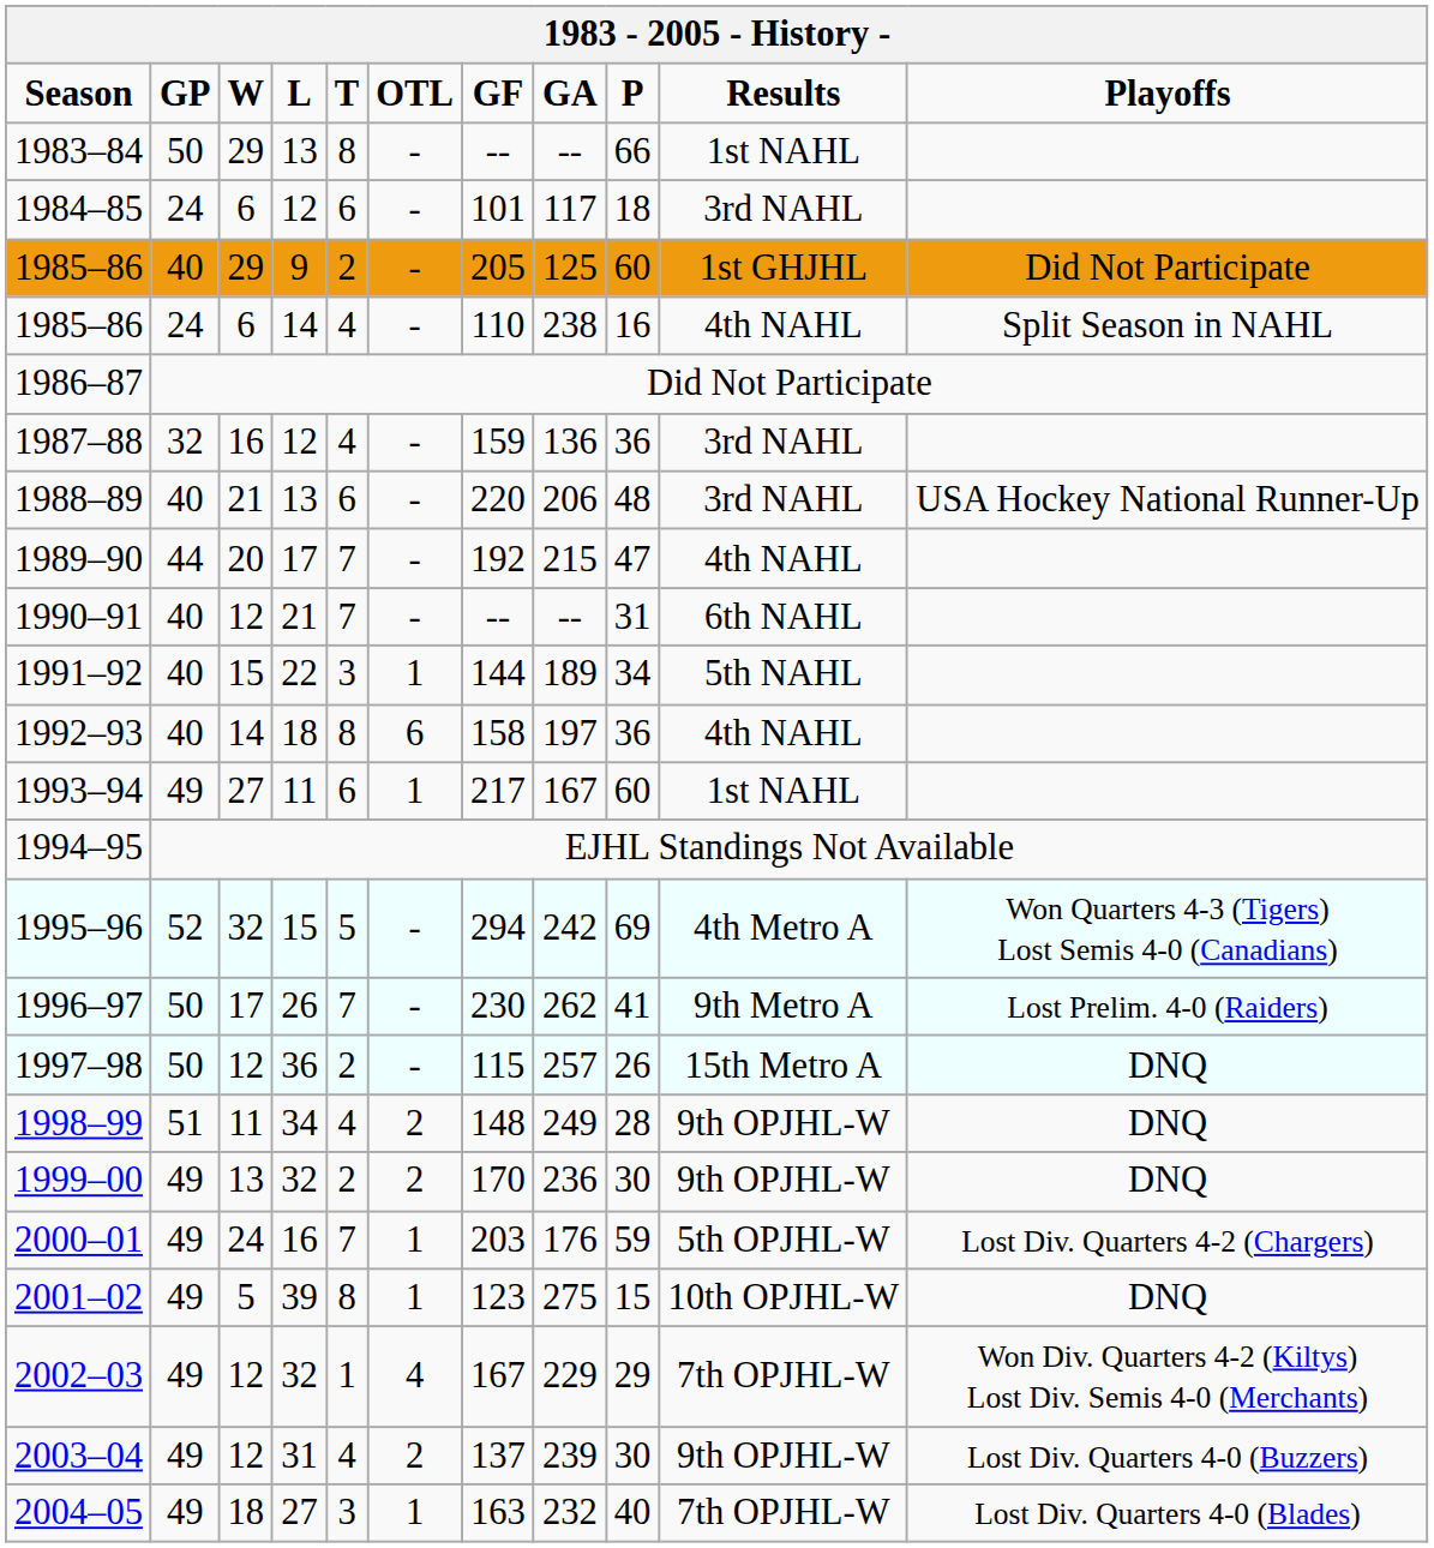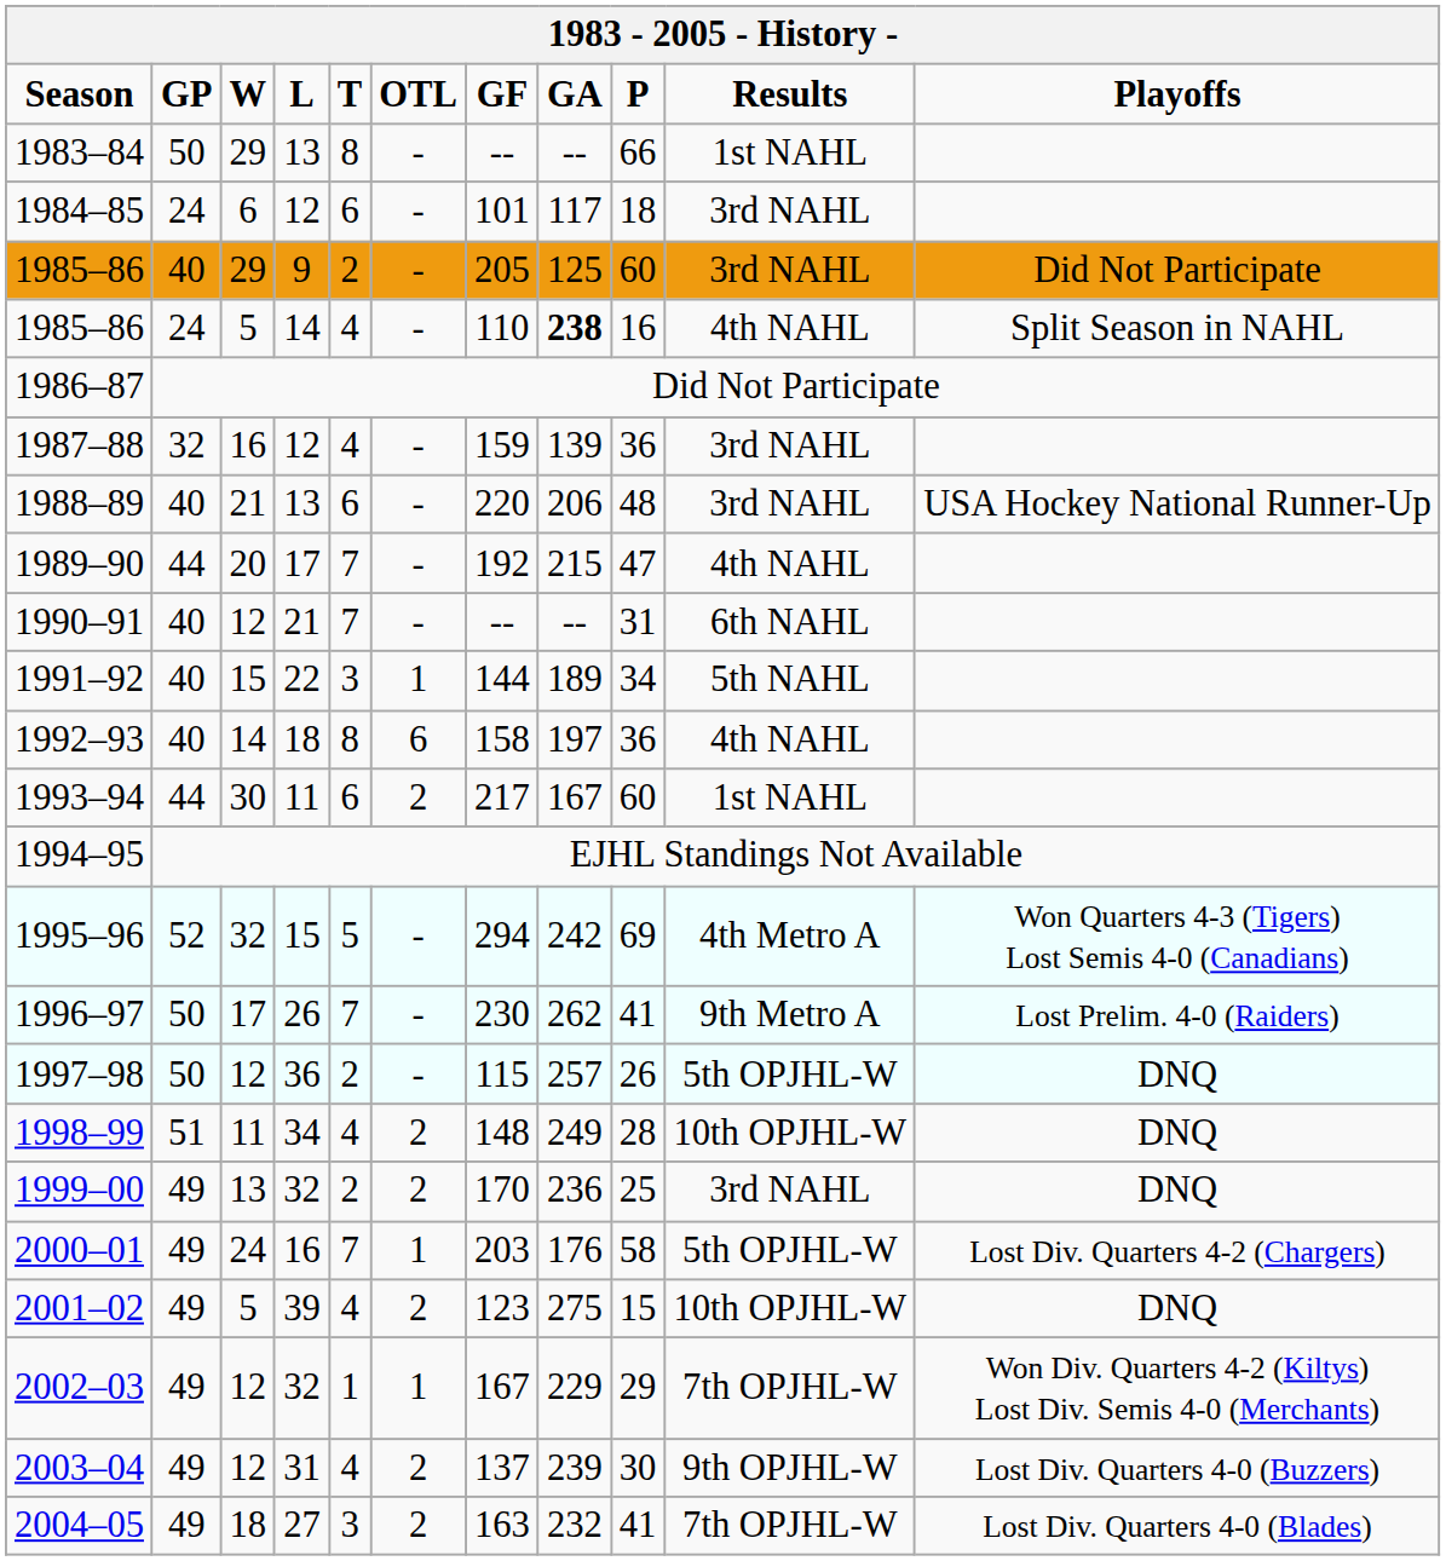 <table class="wikitable collapsible collapsed" style="text-align:center;">
 <tr>
 <th colspan=12 bgcolor="#00529b" text_color=white><strong>1983 - 2005 - History -</strong></th>
 </tr>
 <tr align="center">
 <td><strong>Season</strong></td>
 <td><strong>GP</strong></td>
 <td><strong>W</strong></td>
 <td><strong>L</strong></td>
 <td><strong>T</strong></td>
 <td><strong>OTL</strong></td>
 <td><strong>GF</strong></td>
 <td><strong>GA</strong></td>
 <td><strong>P</strong></td>
 <td><strong>Results</strong></td>
 <td><strong>Playoffs</strong></td>
 </tr>
 <tr align="center">
 <td>1983–84</td>
 <td>50</td>
 <td>29</td>
 <td>13</td>
 <td>8</td>
 <td>-</td>
 <td>--</td>
 <td>--</td>
 <td>66</td>
 <td>1st NAHL</td>
 <td></td>
 </tr>
 <tr align="center">
 <td>1984–85</td>
 <td>24</td>
 <td>6</td>
 <td>12</td>
 <td>6</td>
 <td>-</td>
 <td>101</td>
 <td>117</td>
 <td>18</td>
 <td>3rd NAHL</td>
 <td></td>
 </tr>
 <tr align="center" bgcolor="#EF9B0F">
 <td>1985–86</td>
 <td>40</td>
 <td>29</td>
 <td>9</td>
 <td>2</td>
 <td>-</td>
 <td>205</td>
 <td>125</td>
 <td>60</td>
-<td>1st GHJHL</td>
+<td>3rd NAHL</td>
 <td>Did Not Participate</td>
 </tr>
 <tr align="center">
 <td>1985–86</td>
 <td>24</td>
-<td>6</td>
+<td>5</td>
 <td>14</td>
 <td>4</td>
 <td>-</td>
 <td>110</td>
-<td>238</td>
+<td><strong>238</strong></td>
 <td>16</td>
 <td>4th NAHL</td>
 <td>Split Season in NAHL</td>
 </tr>
 <tr align="center">
 <td>1986–87</td>
 <td colspan="11">Did Not Participate</td>
 </tr>
 <tr align="center">
 <td>1987–88</td>
 <td>32</td>
 <td>16</td>
 <td>12</td>
 <td>4</td>
 <td>-</td>
 <td>159</td>
-<td>136</td>
+<td>139</td>
 <td>36</td>
 <td>3rd NAHL</td>
 <td></td>
 </tr>
 <tr align="center">
 <td>1988–89</td>
 <td>40</td>
 <td>21</td>
 <td>13</td>
 <td>6</td>
 <td>-</td>
 <td>220</td>
 <td>206</td>
 <td>48</td>
 <td>3rd NAHL</td>
 <td>USA Hockey National Runner-Up</td>
 </tr>
 <tr align="center">
 <td>1989–90</td>
 <td>44</td>
 <td>20</td>
 <td>17</td>
 <td>7</td>
 <td>-</td>
 <td>192</td>
 <td>215</td>
 <td>47</td>
 <td>4th NAHL</td>
 <td></td>
 </tr>
 <tr align="center">
 <td>1990–91</td>
 <td>40</td>
 <td>12</td>
 <td>21</td>
 <td>7</td>
 <td>-</td>
 <td>--</td>
 <td>--</td>
 <td>31</td>
 <td>6th NAHL</td>
 <td></td>
 </tr>
 <tr align="center">
 <td>1991–92</td>
 <td>40</td>
 <td>15</td>
 <td>22</td>
 <td>3</td>
 <td>1</td>
 <td>144</td>
 <td>189</td>
 <td>34</td>
 <td>5th NAHL</td>
 <td></td>
 </tr>
 <tr align="center">
 <td>1992–93</td>
 <td>40</td>
 <td>14</td>
 <td>18</td>
 <td>8</td>
 <td>6</td>
 <td>158</td>
 <td>197</td>
 <td>36</td>
 <td>4th NAHL</td>
 <td></td>
 </tr>
 <tr align="center">
 <td>1993–94</td>
-<td>49</td>
-<td>27</td>
+<td>44</td>
+<td>30</td>
 <td>11</td>
 <td>6</td>
-<td>1</td>
+<td>2</td>
 <td>217</td>
 <td>167</td>
 <td>60</td>
 <td>1st NAHL</td>
 <td></td>
 </tr>
 <tr align="center">
 <td>1994–95</td>
 <td colspan="11">EJHL Standings Not Available</td>
 </tr>
 <tr align="center" bgcolor="#EEFFFF">
 <td>1995–96</td>
 <td>52</td>
 <td>32</td>
 <td>15</td>
 <td>5</td>
 <td>-</td>
 <td>294</td>
 <td>242</td>
 <td>69</td>
 <td>4th Metro A</td>
 <td><small>Won Quarters 4-3 (<a href='#'>Tigers</a>)<br>Lost Semis 4-0 (<a href='#'>Canadians</a>)</small></td>
 </tr>
 <tr align="center" bgcolor="#EEFFFF">
 <td>1996–97</td>
 <td>50</td>
 <td>17</td>
 <td>26</td>
 <td>7</td>
 <td>-</td>
 <td>230</td>
 <td>262</td>
 <td>41</td>
 <td>9th Metro A</td>
 <td><small>Lost Prelim. 4-0 (<a href='#'>Raiders</a>)</small></td>
 </tr>
 <tr align="center" bgcolor="#EEFFFF">
 <td>1997–98</td>
 <td>50</td>
 <td>12</td>
 <td>36</td>
 <td>2</td>
 <td>-</td>
 <td>115</td>
 <td>257</td>
 <td>26</td>
-<td>15th Metro A</td>
+<td>5th OPJHL-W</td>
 <td>DNQ</td>
 </tr>
 <tr align="center">
 <td><a href='#'>1998–99</a></td>
 <td>51</td>
 <td>11</td>
 <td>34</td>
 <td>4</td>
 <td>2</td>
 <td>148</td>
 <td>249</td>
 <td>28</td>
-<td>9th OPJHL-W</td>
+<td>10th OPJHL-W</td>
 <td>DNQ</td>
 </tr>
 <tr align="center">
 <td><a href='#'>1999–00</a></td>
 <td>49</td>
 <td>13</td>
 <td>32</td>
 <td>2</td>
 <td>2</td>
 <td>170</td>
 <td>236</td>
-<td>30</td>
-<td>9th OPJHL-W</td>
+<td>25</td>
+<td>3rd NAHL</td>
 <td>DNQ</td>
 </tr>
 <tr align="center">
 <td><a href='#'>2000–01</a></td>
 <td>49</td>
 <td>24</td>
 <td>16</td>
 <td>7</td>
 <td>1</td>
 <td>203</td>
 <td>176</td>
-<td>59</td>
+<td>58</td>
 <td>5th OPJHL-W</td>
 <td><small>Lost Div. Quarters 4-2 (<a href='#'>Chargers</a>)</small></td>
 </tr>
 <tr align="center">
 <td><a href='#'>2001–02</a></td>
 <td>49</td>
 <td>5</td>
 <td>39</td>
-<td>8</td>
-<td>1</td>
+<td>4</td>
+<td>2</td>
 <td>123</td>
 <td>275</td>
 <td>15</td>
 <td>10th OPJHL-W</td>
 <td>DNQ</td>
 </tr>
 <tr align="center">
 <td><a href='#'>2002–03</a></td>
 <td>49</td>
 <td>12</td>
 <td>32</td>
 <td>1</td>
-<td>4</td>
+<td>1</td>
 <td>167</td>
 <td>229</td>
 <td>29</td>
 <td>7th OPJHL-W</td>
 <td><small>Won Div. Quarters 4-2 (<a href='#'>Kiltys</a>)<br>Lost Div. Semis 4-0 (<a href='#'>Merchants</a>)</small></td>
 </tr>
 <tr align="center">
 <td><a href='#'>2003–04</a></td>
 <td>49</td>
 <td>12</td>
 <td>31</td>
 <td>4</td>
 <td>2</td>
 <td>137</td>
 <td>239</td>
 <td>30</td>
 <td>9th OPJHL-W</td>
 <td><small>Lost Div. Quarters 4-0 (<a href='#'>Buzzers</a>)</small></td>
 </tr>
 <tr align="center">
 <td><a href='#'>2004–05</a></td>
 <td>49</td>
 <td>18</td>
 <td>27</td>
 <td>3</td>
-<td>1</td>
+<td>2</td>
 <td>163</td>
 <td>232</td>
-<td>40</td>
+<td>41</td>
 <td>7th OPJHL-W</td>
 <td><small>Lost Div. Quarters 4-0 (<a href='#'>Blades</a>)</small></td>
 </tr>
 </table>
